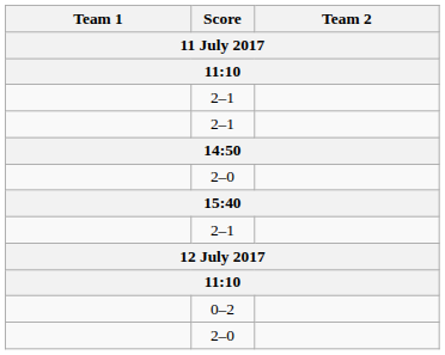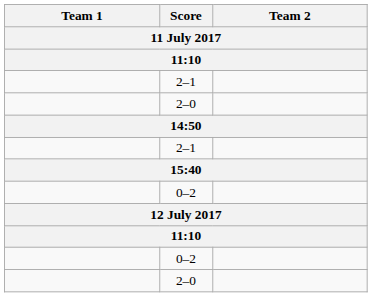 <table class="wikitable" style="text-align: center; font-size:90% ">
 <tr>
 <th align="right" width="160">Team 1</th>
 <th width="50">Score</th>
 <th align="left" width="160">Team 2</th>
 </tr>
 <tr>
 <th colspan=3>11 July 2017</th>
 </tr>
 <tr>
 <th colspan=3>11:10</th>
 </tr>
 <tr>
 <td align=right></td>
 <td align=center>2–1</td>
 <td align=left></td>
 </tr>
 <tr>
 <td align=right></td>
-<td align=center>2–1</td>
+<td align=center>2–0</td>
 <td align=left></td>
 </tr>
 <tr>
 <th colspan=3>14:50</th>
 </tr>
 <tr>
 <td align=right></td>
-<td align=center>2–0</td>
+<td align=center>2–1</td>
 <td align=left></td>
 </tr>
 <tr>
 <th colspan=3>15:40</th>
 </tr>
 <tr>
 <td align=right></td>
-<td align=center>2–1</td>
+<td align=center>0–2</td>
 <td align=left></td>
 </tr>
 <tr>
 <th colspan=3>12 July 2017</th>
 </tr>
 <tr>
 <th colspan=3>11:10</th>
 </tr>
 <tr>
 <td align=right></td>
 <td align=center>0–2</td>
 <td align=left></td>
 </tr>
 <tr>
 <td align=right></td>
 <td align=center>2–0</td>
 <td align=left></td>
 </tr>
 </table>
